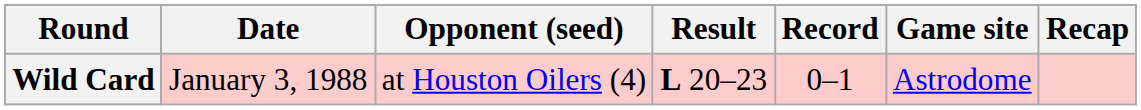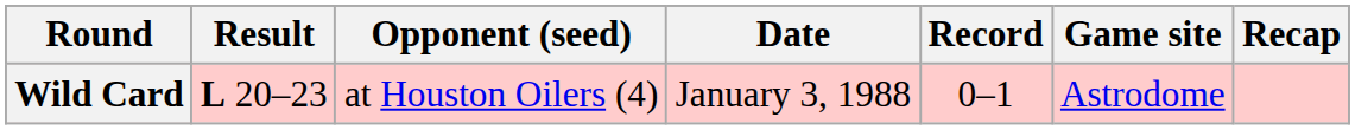 <table class="wikitable" style="text-align:center">
 <tr>
 <th>Round</th>
+<th>Result</th>
+<th>Opponent (seed)</th>
 <th>Date</th>
-<th>Opponent (seed)</th>
-<th>Result</th>
 <th>Record</th>
 <th>Game site</th>
 <th>Recap</th>
 </tr>
 <tr style="background:#fcc">
 <th>Wild Card</th>
+<td><strong>L</strong> 20–23 </td>
+<td>at <a href='#'>Houston Oilers</a> (4)</td>
 <td>January 3, 1988</td>
-<td>at <a href='#'>Houston Oilers</a> (4)</td>
-<td><strong>L</strong> 20–23 </td>
 <td>0–1</td>
 <td><a href='#'>Astrodome</a></td>
 <td></td>
 </tr>
 </table>
